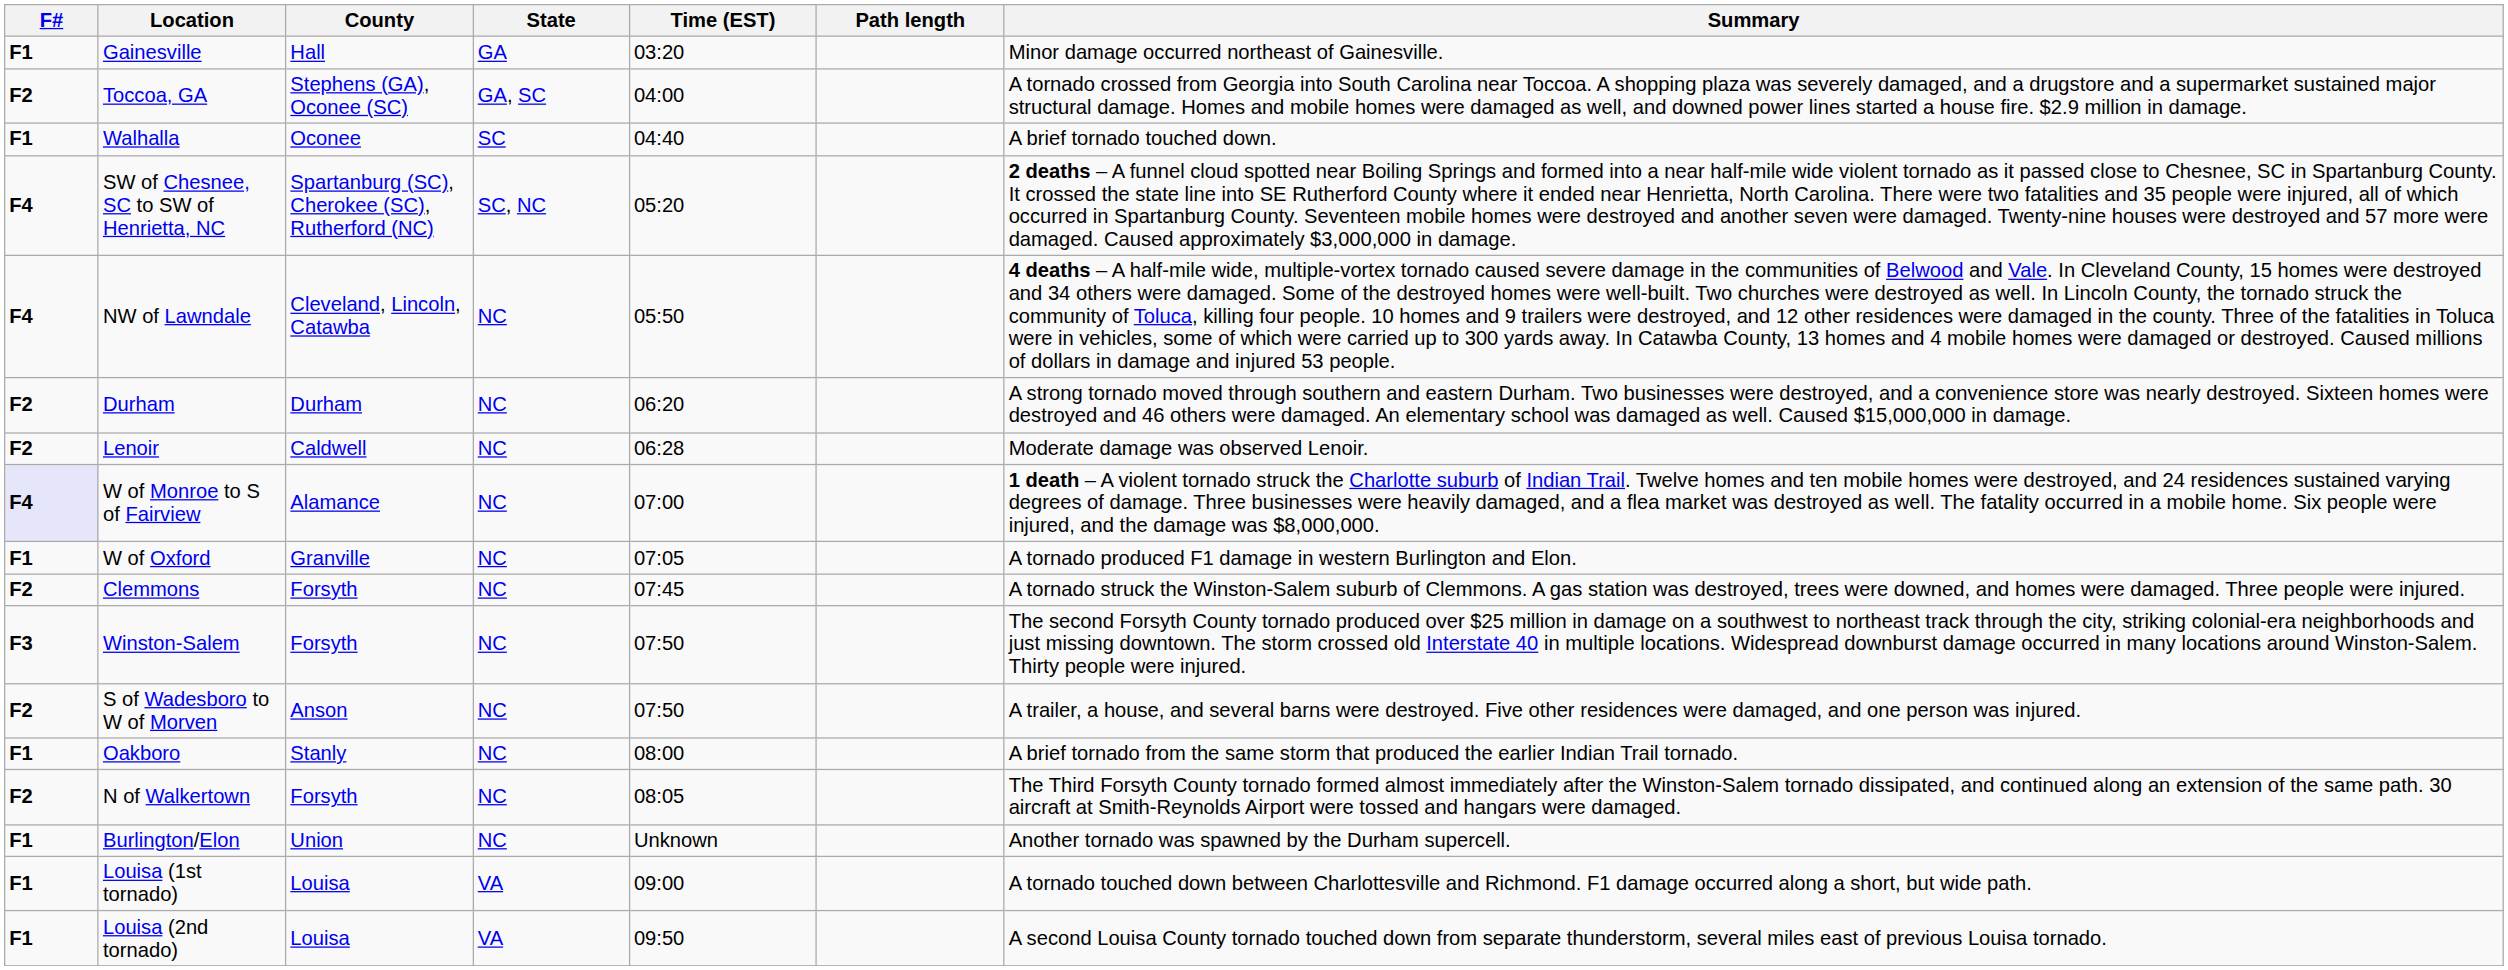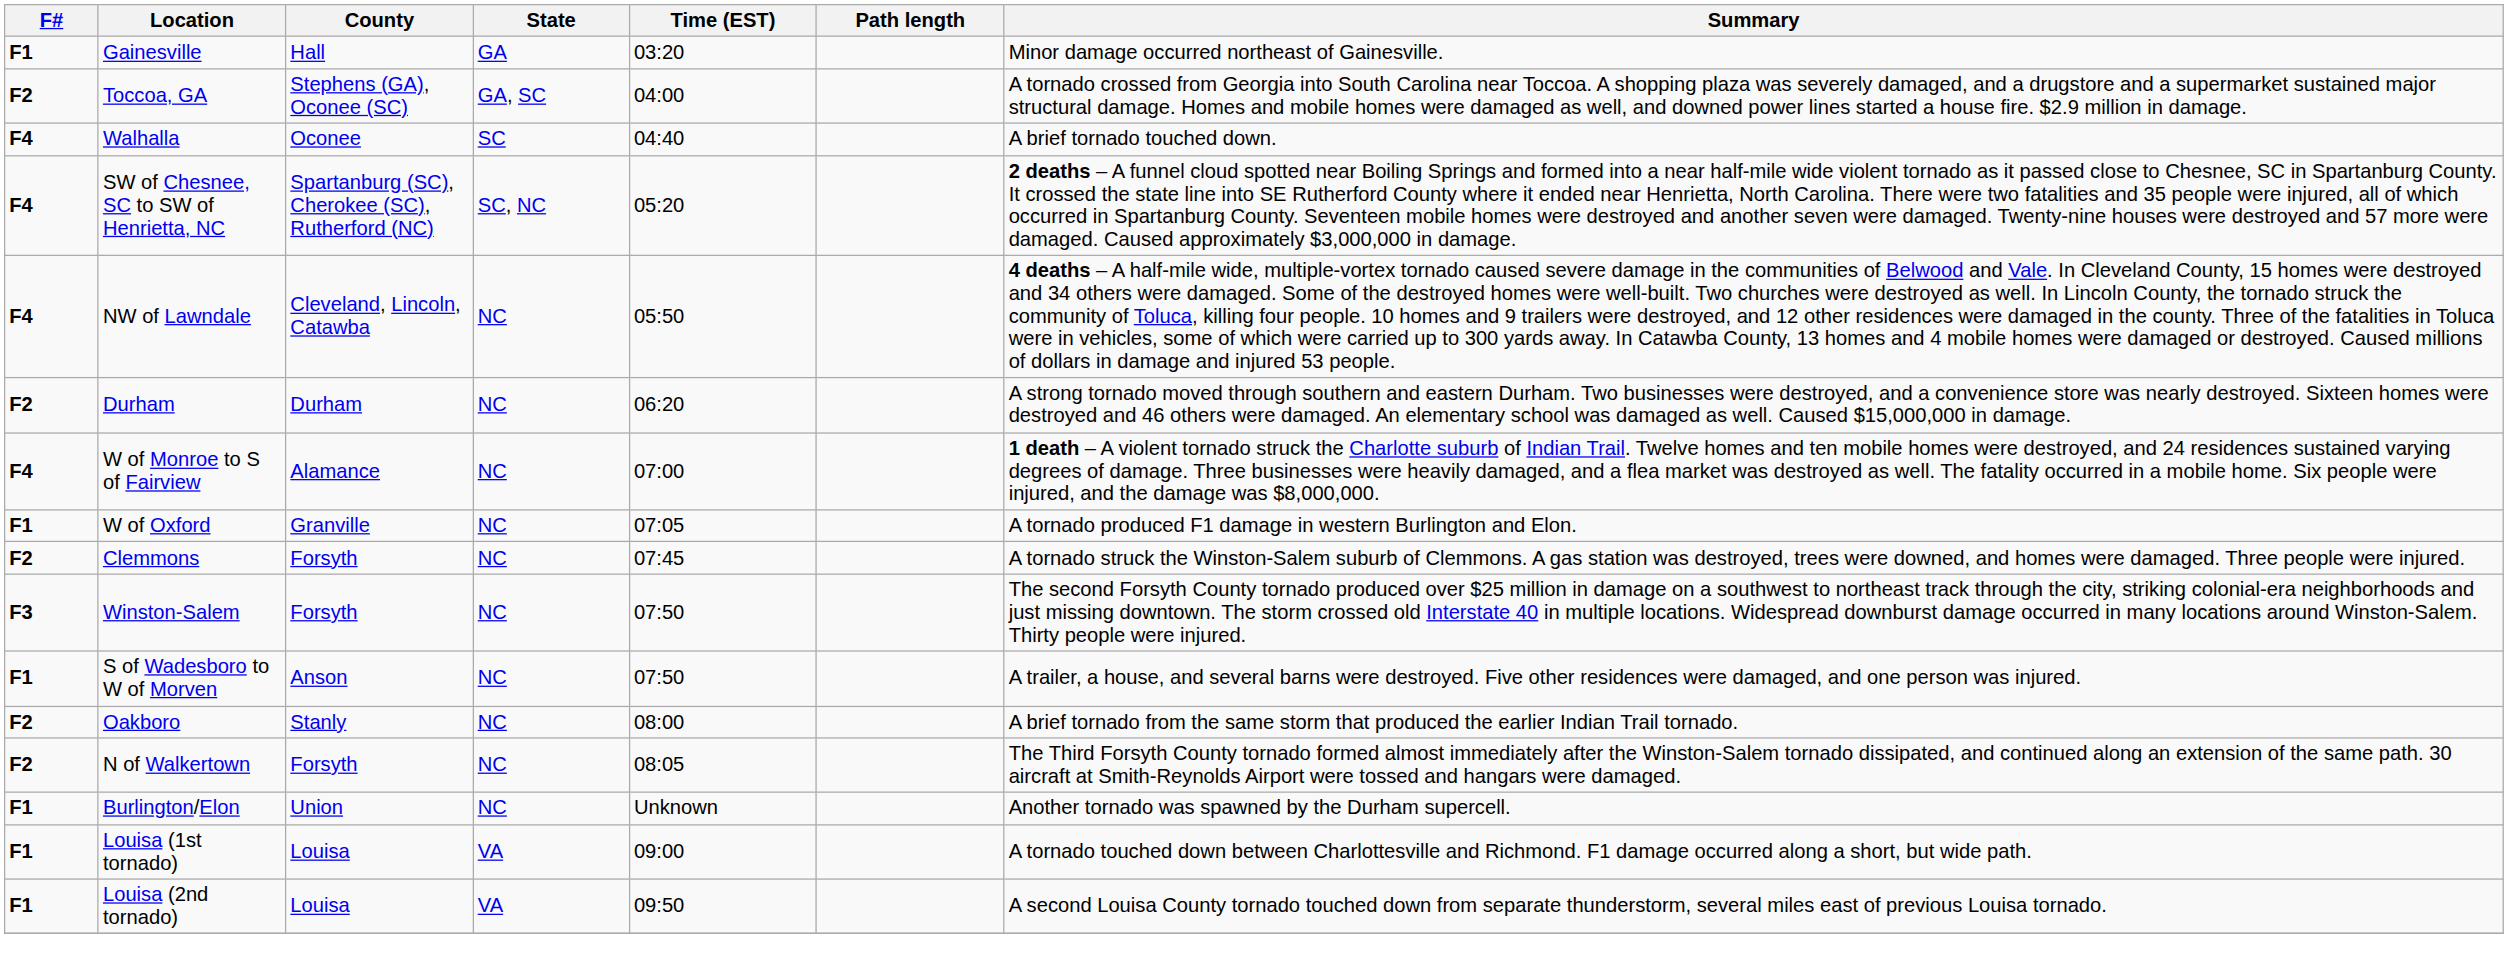 <table class="wikitable sortable" style="width:100%;">
 <tr>
 <th scope="col" width="3%" align="center"><a href='#'>F#</a></th>
 <th scope="col" width="6%" align="center" class="unsortable">Location</th>
 <th scope="col" width="6%" align="center" class="unsortable">County</th>
 <th scope="col" width="5%" align="center">State</th>
 <th scope="col" width="6%" align="center" data-sort-type="number">Time (EST)</th>
 <th scope="col" width="6%" align="center" data-sort-type="number">Path length</th>
 <th scope="col" width="48%" class="unsortable" align="center">Summary</th>
 </tr>
 <tr>
 <td><strong>F1</strong></td>
 <td><a href='#'>Gainesville</a></td>
 <td><a href='#'>Hall</a></td>
 <td><a href='#'>GA</a></td>
 <td>03:20</td>
 <td></td>
 <td>Minor damage occurred northeast of Gainesville.</td>
 </tr>
 <tr>
 <td><strong>F2</strong></td>
 <td><a href='#'>Toccoa, GA</a></td>
 <td><a href='#'>Stephens (GA)</a>, <a href='#'>Oconee (SC)</a></td>
 <td><a href='#'>GA</a>, <a href='#'>SC</a></td>
 <td>04:00</td>
 <td></td>
 <td>A tornado crossed from Georgia into South Carolina near Toccoa. A shopping plaza was severely damaged, and a drugstore and a supermarket sustained major structural damage. Homes and mobile homes were damaged as well, and downed power lines started a house fire. $2.9 million in damage.</td>
 </tr>
 <tr>
-<td><strong>F1</strong></td>
+<td><strong>F4</strong></td>
 <td><a href='#'>Walhalla</a></td>
 <td><a href='#'>Oconee</a></td>
 <td><a href='#'>SC</a></td>
 <td>04:40</td>
 <td></td>
 <td>A brief tornado touched down.</td>
 </tr>
 <tr>
 <td><strong>F4</strong></td>
 <td>SW of <a href='#'>Chesnee, SC</a> to SW of <a href='#'>Henrietta, NC</a></td>
 <td><a href='#'>Spartanburg (SC)</a>, <a href='#'>Cherokee (SC)</a>, <a href='#'>Rutherford (NC)</a></td>
 <td><a href='#'>SC</a>, <a href='#'>NC</a></td>
 <td>05:20</td>
 <td></td>
 <td><strong>2 deaths</strong> – A funnel cloud spotted near Boiling Springs and formed into a near half-mile wide violent tornado as it passed close to Chesnee, SC in Spartanburg County. It crossed the state line into SE Rutherford County where it ended near Henrietta, North Carolina.  There were two fatalities and 35 people were injured, all of which occurred in Spartanburg County.  Seventeen mobile homes were destroyed and another seven were damaged. Twenty-nine houses were destroyed and 57 more were damaged. Caused approximately $3,000,000 in damage.</td>
 </tr>
 <tr>
 <td><strong>F4</strong></td>
 <td>NW of <a href='#'>Lawndale</a></td>
 <td><a href='#'>Cleveland</a>, <a href='#'>Lincoln</a>, <a href='#'>Catawba</a></td>
 <td><a href='#'>NC</a></td>
 <td>05:50</td>
 <td></td>
 <td><strong>4 deaths</strong> – A half-mile wide, multiple-vortex tornado caused severe damage in the communities of <a href='#'>Belwood</a> and <a href='#'>Vale</a>. In Cleveland County, 15 homes were destroyed and 34 others were damaged. Some of the destroyed homes were well-built. Two churches were destroyed as well. In Lincoln County, the tornado struck the community of <a href='#'>Toluca</a>, killing four people. 10 homes and 9 trailers were destroyed, and 12 other residences were damaged in the county. Three of the fatalities in Toluca were in vehicles, some of which were carried up to 300 yards away. In Catawba County, 13 homes and 4 mobile homes were damaged or destroyed. Caused millions of dollars in damage and injured 53 people.</td>
 </tr>
 <tr>
 <td><strong>F2</strong></td>
 <td><a href='#'>Durham</a></td>
 <td><a href='#'>Durham</a></td>
 <td><a href='#'>NC</a></td>
 <td>06:20</td>
 <td></td>
 <td>A strong tornado moved through southern and eastern Durham. Two businesses were destroyed, and a convenience store was nearly destroyed. Sixteen homes were destroyed and 46 others were damaged. An elementary school was damaged as well. Caused $15,000,000 in damage.</td>
 </tr>
 <tr>
-<td><strong>F2</strong></td>
-<td><a href='#'>Lenoir</a></td>
-<td><a href='#'>Caldwell</a></td>
-<td><a href='#'>NC</a></td>
-<td>06:28</td>
-<td></td>
-<td>Moderate damage was observed Lenoir.</td>
-</tr>
-<tr>
-<td style="background: lavender;"><strong>F4</strong></td>
+<td><strong>F4</strong></td>
 <td>W of <a href='#'>Monroe</a> to S of <a href='#'>Fairview</a></td>
 <td><a href='#'>Alamance</a></td>
 <td><a href='#'>NC</a></td>
 <td>07:00</td>
 <td></td>
 <td><strong>1 death</strong> – A violent tornado struck the <a href='#'>Charlotte suburb</a> of <a href='#'>Indian Trail</a>. Twelve homes and ten mobile homes were destroyed, and 24 residences sustained varying degrees of damage. Three businesses were heavily damaged, and a flea market was destroyed as well. The fatality occurred in a mobile home. Six people were injured, and the damage was $8,000,000.</td>
 </tr>
 <tr>
 <td><strong>F1</strong></td>
 <td>W of <a href='#'>Oxford</a></td>
 <td><a href='#'>Granville</a></td>
 <td><a href='#'>NC</a></td>
 <td>07:05</td>
 <td></td>
 <td>A tornado produced F1 damage in western Burlington and Elon.</td>
 </tr>
 <tr>
 <td><strong>F2</strong></td>
 <td><a href='#'>Clemmons</a></td>
 <td><a href='#'>Forsyth</a></td>
 <td><a href='#'>NC</a></td>
 <td>07:45</td>
 <td></td>
 <td>A tornado struck the Winston-Salem suburb of Clemmons. A gas station was destroyed, trees were downed, and homes were damaged. Three people were injured.</td>
 </tr>
 <tr>
 <td><strong>F3</strong></td>
 <td><a href='#'>Winston-Salem</a></td>
 <td><a href='#'>Forsyth</a></td>
 <td><a href='#'>NC</a></td>
 <td>07:50</td>
 <td></td>
 <td>The second Forsyth County tornado produced over $25 million in damage on a southwest to northeast track through the city, striking colonial-era neighborhoods and just missing downtown. The storm crossed old <a href='#'>Interstate 40</a> in multiple locations. Widespread downburst damage occurred in many locations around Winston-Salem. Thirty people were injured.</td>
 </tr>
 <tr>
-<td><strong>F2</strong></td>
+<td><strong>F1</strong></td>
 <td>S of <a href='#'>Wadesboro</a> to W of <a href='#'>Morven</a></td>
 <td><a href='#'>Anson</a></td>
 <td><a href='#'>NC</a></td>
 <td>07:50</td>
 <td></td>
 <td>A trailer, a house, and several barns were destroyed. Five other residences were damaged, and one person was injured.</td>
 </tr>
 <tr>
-<td><strong>F1</strong></td>
+<td><strong>F2</strong></td>
 <td><a href='#'>Oakboro</a></td>
 <td><a href='#'>Stanly</a></td>
 <td><a href='#'>NC</a></td>
 <td>08:00</td>
 <td></td>
 <td>A brief tornado from the same storm that produced the earlier Indian Trail tornado.</td>
 </tr>
 <tr>
 <td><strong>F2</strong></td>
 <td>N of <a href='#'>Walkertown</a></td>
 <td><a href='#'>Forsyth</a></td>
 <td><a href='#'>NC</a></td>
 <td>08:05</td>
 <td></td>
 <td>The Third Forsyth County tornado formed almost immediately after the Winston-Salem tornado dissipated, and continued along an extension of the same path. 30 aircraft at Smith-Reynolds Airport were tossed and hangars were damaged.</td>
 </tr>
 <tr>
 <td><strong>F1</strong></td>
 <td><a href='#'>Burlington</a>/<a href='#'>Elon</a></td>
 <td><a href='#'>Union</a></td>
 <td><a href='#'>NC</a></td>
 <td>Unknown</td>
 <td></td>
 <td>Another tornado was spawned by the Durham supercell.</td>
 </tr>
 <tr>
 <td><strong>F1</strong></td>
 <td><a href='#'>Louisa</a> (1st tornado)</td>
 <td><a href='#'>Louisa</a></td>
 <td><a href='#'>VA</a></td>
 <td>09:00</td>
 <td></td>
 <td>A tornado touched down between Charlottesville and Richmond. F1 damage occurred along a short, but wide path.</td>
 </tr>
 <tr>
 <td><strong>F1</strong></td>
 <td><a href='#'>Louisa</a> (2nd tornado)</td>
 <td><a href='#'>Louisa</a></td>
 <td><a href='#'>VA</a></td>
 <td>09:50</td>
 <td></td>
 <td>A second Louisa County tornado touched down from separate thunderstorm, several miles east of previous Louisa tornado.</td>
 </tr>
 <tr>
 </tr>
 </table>
